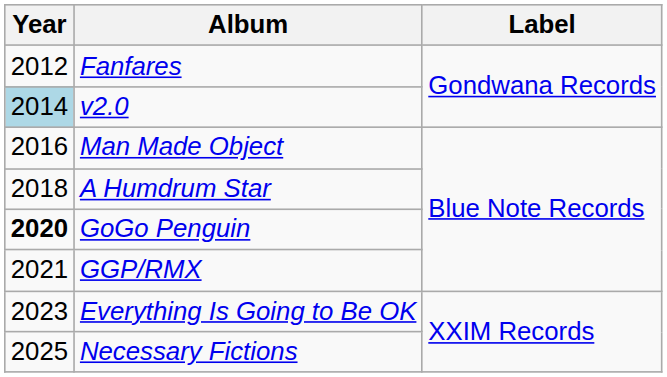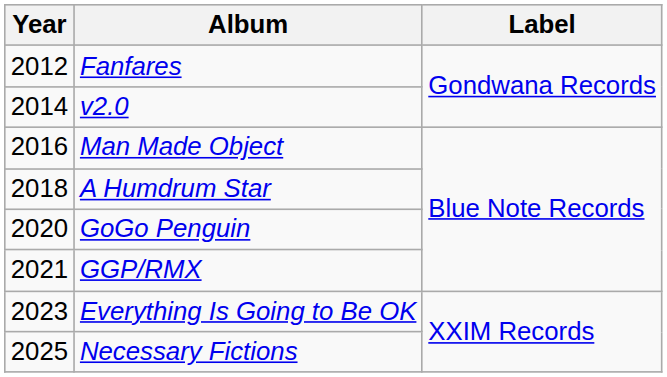 <table class="wikitable">
 <tr>
 <th>Year</th>
 <th>Album</th>
 <th>Label</th>
 </tr>
 <tr>
 <td>2012</td>
 <td><em><a href='#'>Fanfares</a></em></td>
 <td rowspan="2"><a href='#'>Gondwana Records</a></td>
 </tr>
 <tr>
-<td style="background: lightblue;">2014</td>
+<td>2014</td>
 <td><em><a href='#'>v2.0</a></em></td>
 </tr>
 <tr>
 <td>2016</td>
 <td><em><a href='#'>Man Made Object</a></em></td>
 <td rowspan="4"><a href='#'>Blue Note Records</a></td>
 </tr>
 <tr>
 <td>2018</td>
 <td><em><a href='#'>A Humdrum Star</a></em></td>
 </tr>
 <tr>
-<td><strong>2020</strong></td>
+<td>2020</td>
 <td><em><a href='#'>GoGo Penguin</a></em></td>
 </tr>
 <tr>
 <td>2021</td>
 <td><em><a href='#'>GGP/RMX</a></em></td>
 </tr>
 <tr>
 <td>2023</td>
 <td><em><a href='#'>Everything Is Going to Be OK</a></em></td>
 <td rowspan="2"><a href='#'>XXIM Records</a></td>
 </tr>
 <tr>
 <td>2025</td>
 <td><em><a href='#'>Necessary Fictions</a></em></td>
 </tr>
 </table>
